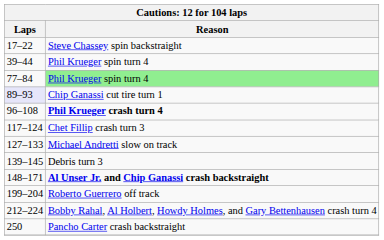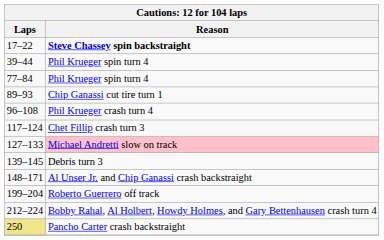 <table class="wikitable">
 <tr>
 <th colspan=2>Cautions: 12 for 104 laps</th>
 </tr>
 <tr>
 <th>Laps</th>
 <th>Reason</th>
 </tr>
 <tr>
 <td>17–22</td>
-<td><a href='#'>Steve Chassey</a> spin backstraight</td>
+<td><strong><a href='#'>Steve Chassey</a> spin backstraight</strong></td>
 </tr>
 <tr>
 <td>39–44</td>
 <td><a href='#'>Phil Krueger</a> spin turn 4</td>
 </tr>
 <tr>
 <td>77–84</td>
-<td style="background: lightgreen;"><a href='#'>Phil Krueger</a> spin turn 4</td>
+<td><a href='#'>Phil Krueger</a> spin turn 4</td>
 </tr>
 <tr>
-<td style="background: lavender;">89–93</td>
+<td>89–93</td>
 <td><a href='#'>Chip Ganassi</a> cut tire turn 1</td>
 </tr>
 <tr>
 <td>96–108</td>
-<td><strong><a href='#'>Phil Krueger</a> crash turn 4</strong></td>
+<td><a href='#'>Phil Krueger</a> crash turn 4</td>
 </tr>
 <tr>
 <td>117–124</td>
 <td><a href='#'>Chet Fillip</a> crash turn 3</td>
 </tr>
 <tr>
 <td>127–133</td>
-<td><a href='#'>Michael Andretti</a> slow on track</td>
+<td style="background: pink;"><a href='#'>Michael Andretti</a> slow on track</td>
 </tr>
 <tr>
 <td>139–145</td>
 <td>Debris turn 3</td>
 </tr>
 <tr>
 <td>148–171</td>
-<td><strong><a href='#'>Al Unser Jr.</a> and <a href='#'>Chip Ganassi</a> crash backstraight</strong></td>
+<td><a href='#'>Al Unser Jr.</a> and <a href='#'>Chip Ganassi</a> crash backstraight</td>
 </tr>
 <tr>
 <td>199–204</td>
 <td><a href='#'>Roberto Guerrero</a> off track</td>
 </tr>
 <tr>
 <td>212–224</td>
 <td><a href='#'>Bobby Rahal</a>, <a href='#'>Al Holbert</a>, <a href='#'>Howdy Holmes</a>, and <a href='#'>Gary Bettenhausen</a> crash turn 4</td>
 </tr>
 <tr>
-<td>250</td>
+<td style="background: khaki;">250</td>
 <td><a href='#'>Pancho Carter</a> crash backstraight</td>
 </tr>
 <tr>
 </tr>
 </table>
